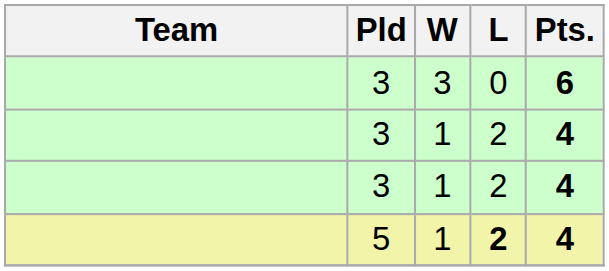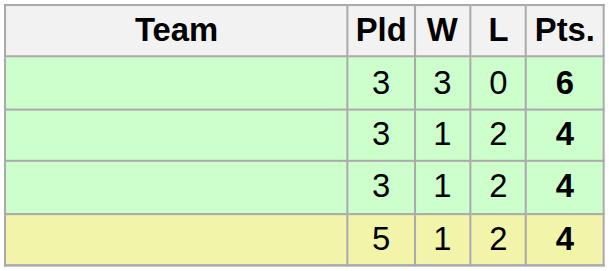 <table class=wikitable style="text-align:center">
 <tr>
 <th width=160>Team</th>
 <th width=20>Pld</th>
 <th width=20>W</th>
 <th width=20>L</th>
 <th width=30>Pts.</th>
 </tr>
 <tr bgcolor=ccffcc>
 <td align=left></td>
 <td>3</td>
 <td>3</td>
 <td>0</td>
 <td><strong>6</strong></td>
 </tr>
 <tr bgcolor=ccffcc>
 <td align=left></td>
 <td>3</td>
 <td>1</td>
 <td>2</td>
 <td><strong>4</strong></td>
 </tr>
 <tr bgcolor=ccffcc>
 <td align=left></td>
 <td>3</td>
 <td>1</td>
 <td>2</td>
 <td><strong>4</strong></td>
 </tr>
 <tr bgcolor=f2f5a9>
 <td align=left></td>
 <td>5</td>
 <td>1</td>
-<td><strong>2</strong></td>
+<td>2</td>
 <td><strong>4</strong></td>
 </tr>
 <tr bgcolor=>
 </tr>
 </table>
